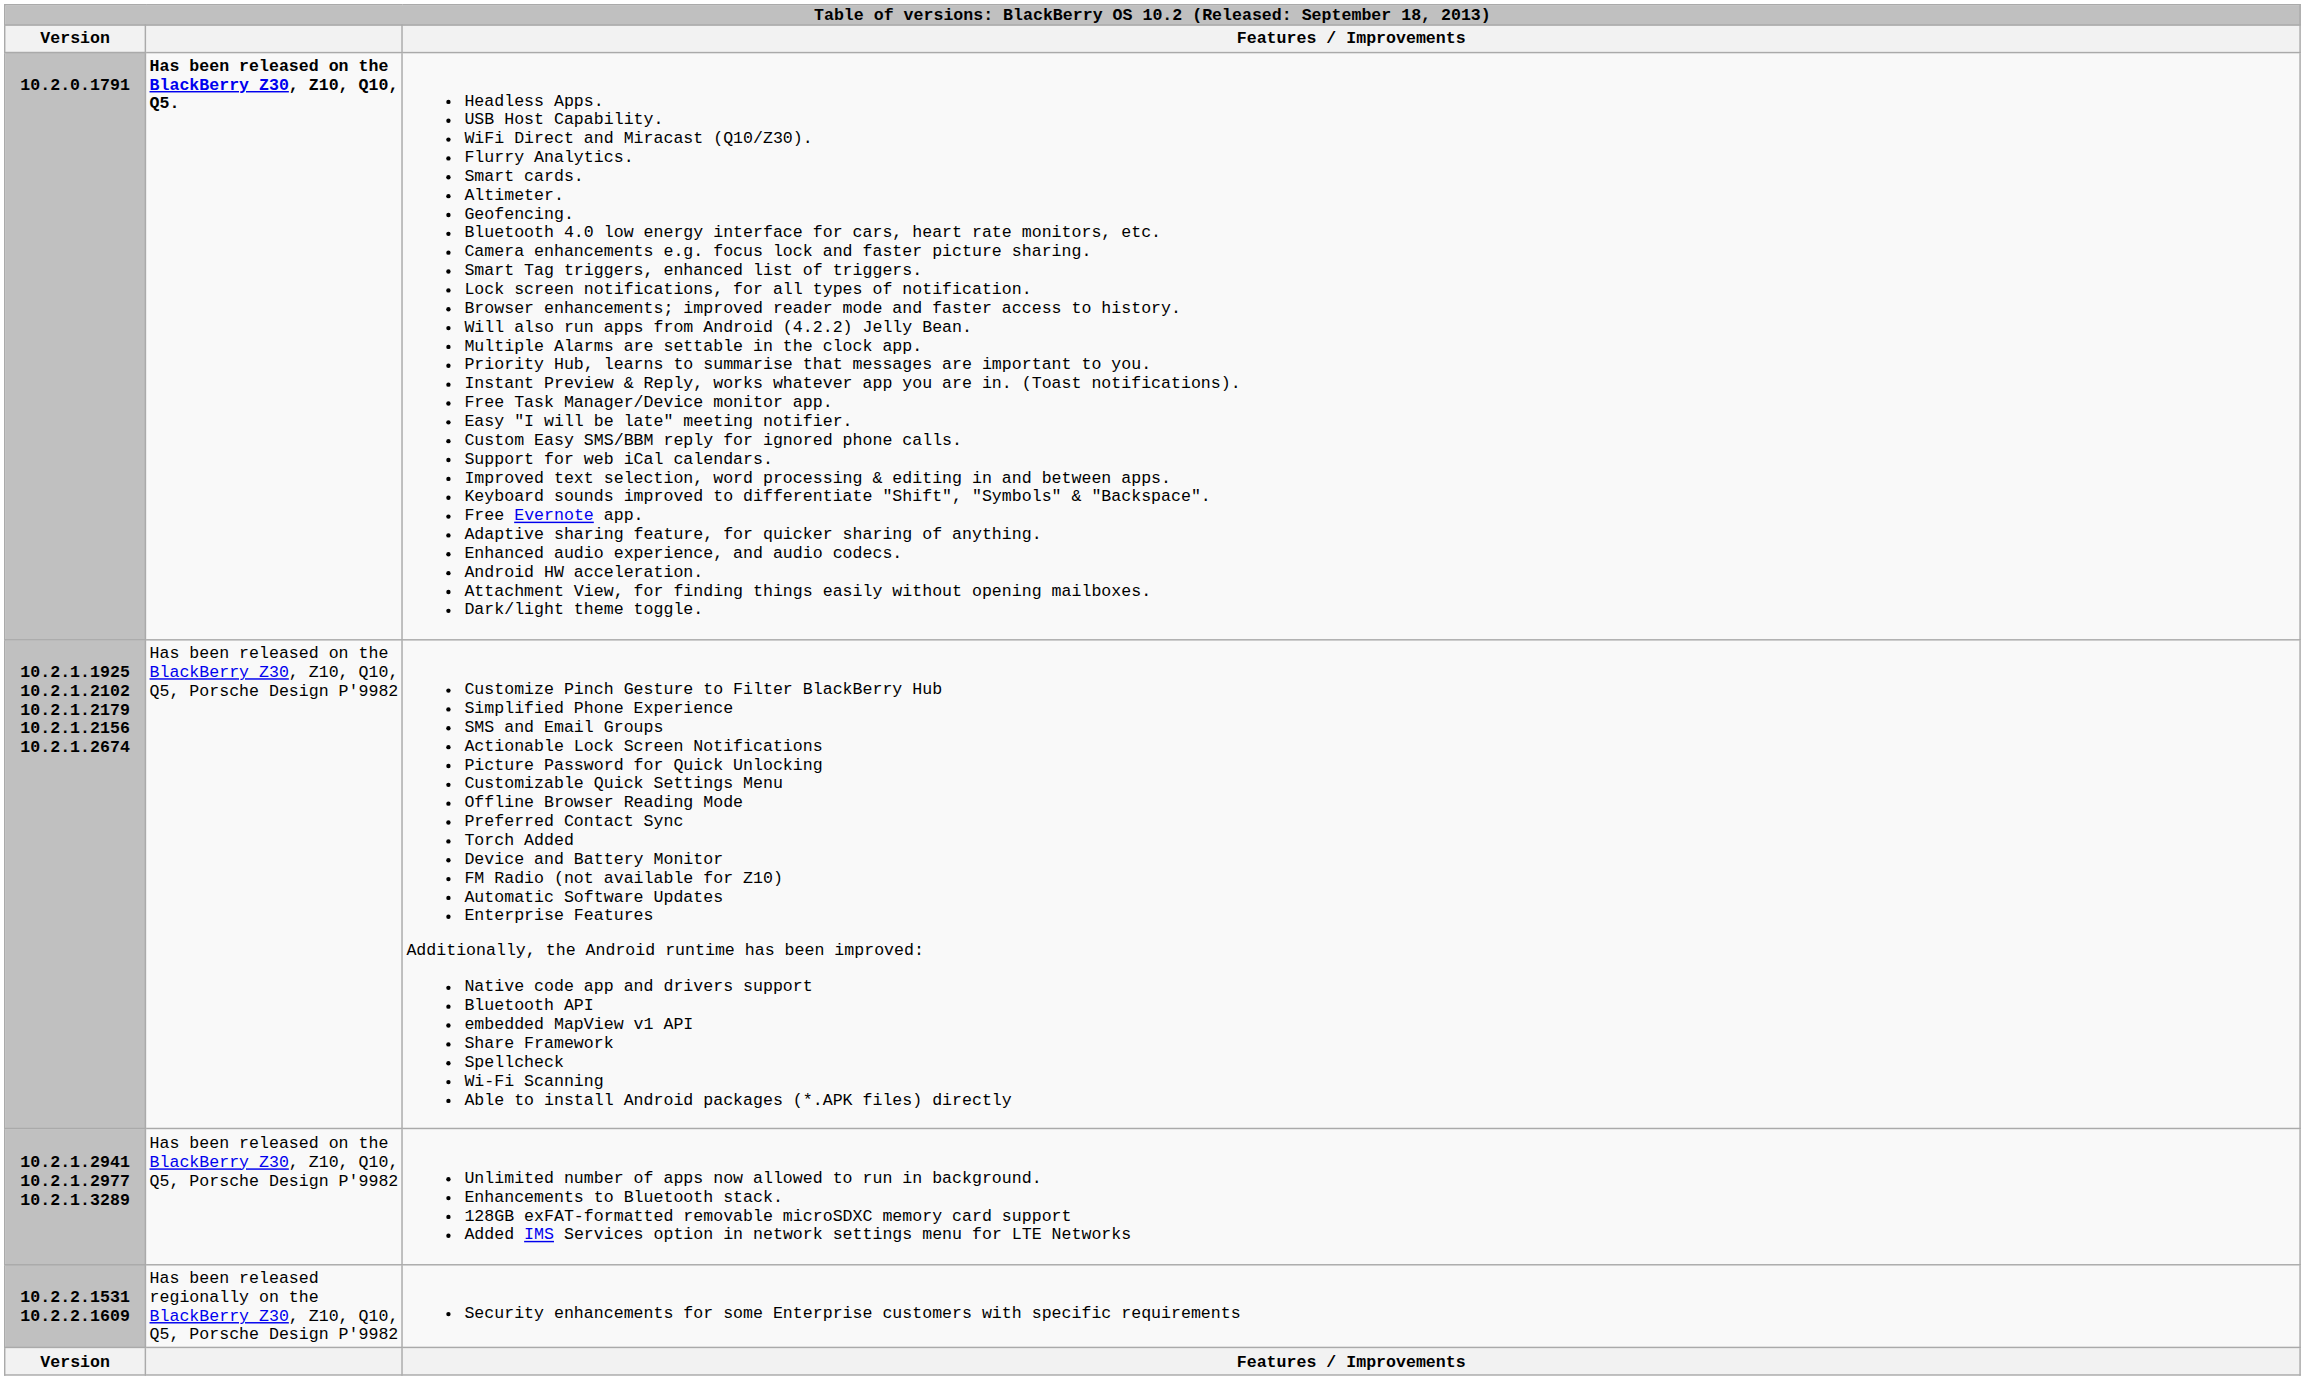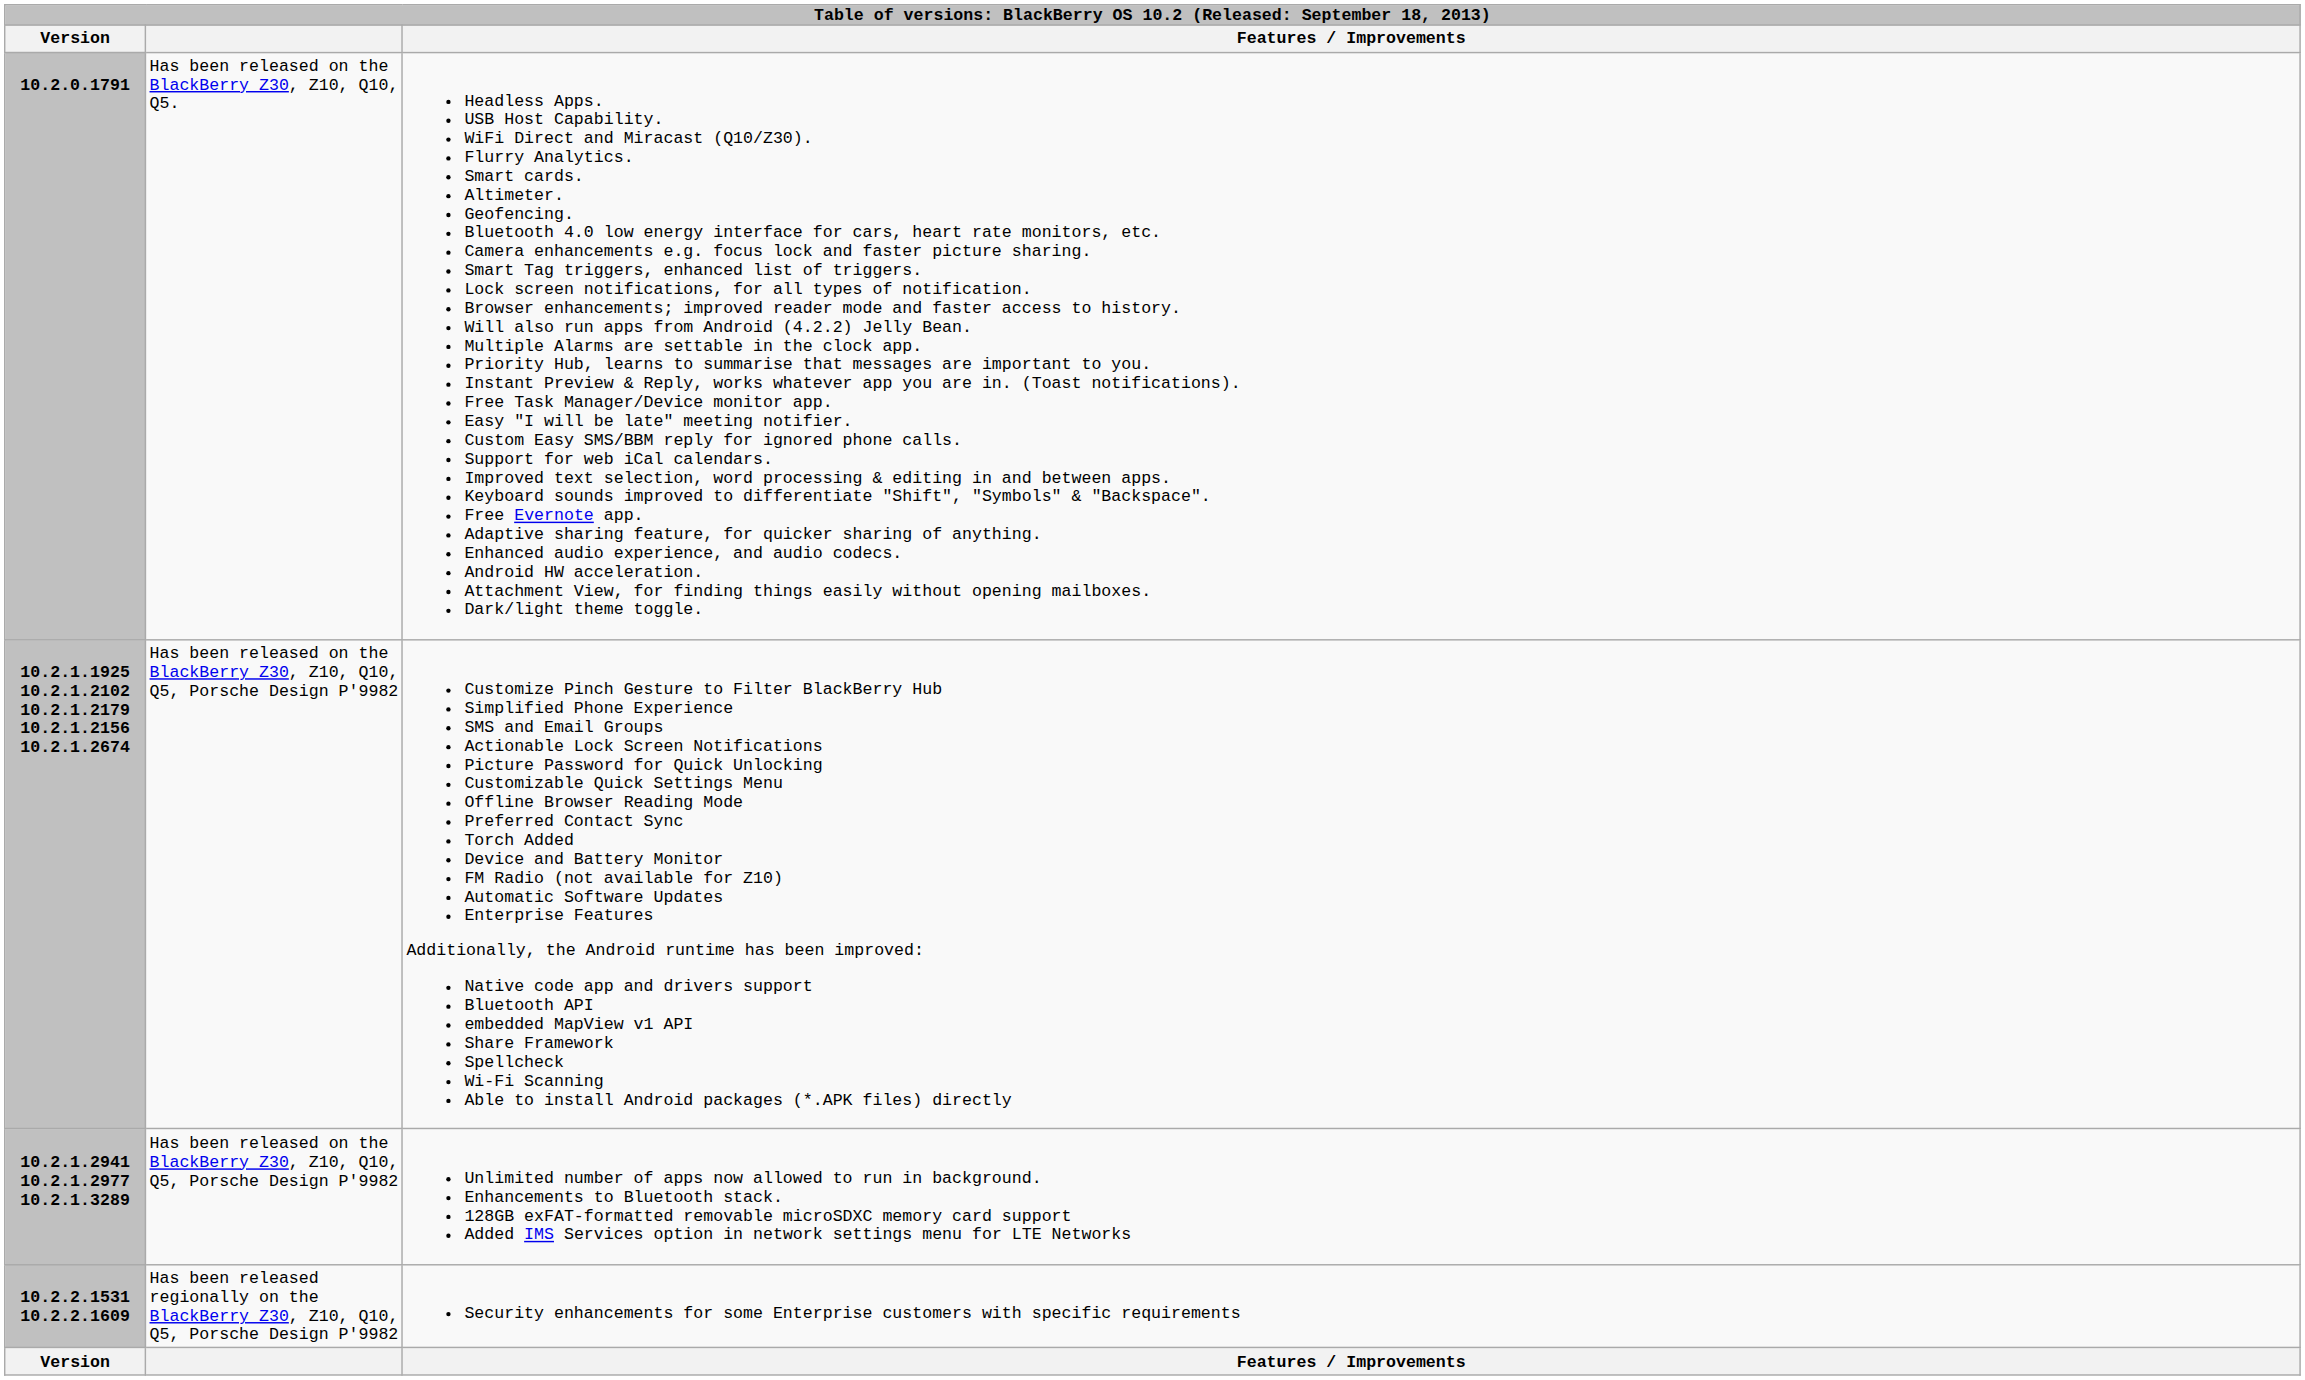 <table class="wikitable collapsible collapsed" style="width:100%; font-size:88%;">
 <tr>
 <th style="background:silver; padding:0 0.5em;" colspan="5">Table of versions: BlackBerry OS 10.2 (Released: September 18, 2013)</th>
 </tr>
 <tr>
 <th style="width:8em; ">Version</th>
 <th style="width:15em; "></th>
 <th>Features / Improvements</th>
 </tr>
 <tr valign="top">
 <th style="background:silver; white-space:nowrap;"><br>10.2.0.1791</th>
-<td><strong>Has been released on the <a href='#'>BlackBerry Z30</a>, Z10, Q10, Q5.</strong></td>
+<td>Has been released on the <a href='#'>BlackBerry Z30</a>, Z10, Q10, Q5.</td>
 <td><br><ul><li>Headless Apps.</li><li>USB Host Capability.</li><li>WiFi Direct and Miracast (Q10/Z30).</li><li>Flurry Analytics.</li><li>Smart cards.</li><li>Altimeter.</li><li>Geofencing.</li><li>Bluetooth 4.0 low energy interface for cars, heart rate monitors, etc.</li><li>Camera enhancements e.g. focus lock and faster picture sharing.</li><li>Smart Tag triggers, enhanced list of triggers.</li><li>Lock screen notifications, for all types of notification.</li><li>Browser enhancements; improved reader mode and faster access to history.</li><li>Will also run apps from Android (4.2.2) Jelly Bean.</li><li>Multiple Alarms are settable in the clock app.</li><li>Priority Hub, learns to summarise that messages are important to you.</li><li>Instant Preview & Reply, works whatever app you are in. (Toast notifications).</li><li>Free Task Manager/Device monitor app.</li><li>Easy "I will be late" meeting notifier.</li><li>Custom Easy SMS/BBM reply for ignored phone calls.</li><li>Support for web iCal calendars.</li><li>Improved text selection, word processing & editing in and between apps.</li><li>Keyboard sounds improved to differentiate "Shift", "Symbols" & "Backspace".</li><li>Free <a href='#'>Evernote</a> app.</li><li>Adaptive sharing feature, for quicker sharing of anything.</li><li>Enhanced audio experience, and audio codecs.</li><li>Android HW acceleration.</li><li>Attachment View, for finding things easily without opening mailboxes.</li><li>Dark/light theme toggle.</li></ul></td>
 </tr>
 <tr valign="top">
 <th style="background:silver; white-space:nowrap;"><br>10.2.1.1925<br> 10.2.1.2102<br> 10.2.1.2179<br> 10.2.1.2156<br> 10.2.1.2674<br></th>
 <td>Has been released on the <a href='#'>BlackBerry Z30</a>, Z10, Q10, Q5, Porsche Design P'9982</td>
 <td><br><ul><li>Customize Pinch Gesture to Filter BlackBerry Hub</li><li>Simplified Phone Experience</li><li>SMS and Email Groups</li><li>Actionable Lock Screen Notifications</li><li>Picture Password for Quick Unlocking</li><li>Customizable Quick Settings Menu</li><li>Offline Browser Reading Mode</li><li>Preferred Contact Sync</li><li>Torch Added</li><li>Device and Battery Monitor</li><li>FM Radio (not available for Z10)</li><li>Automatic Software Updates</li><li>Enterprise Features</li></ul>Additionally, the Android runtime has been improved:<ul><li>Native code app and drivers support</li><li>Bluetooth API</li><li>embedded MapView v1 API</li><li>Share Framework</li><li>Spellcheck</li><li>Wi-Fi Scanning</li><li>Able to install Android packages (*.APK files) directly</li></ul></td>
 </tr>
 <tr valign="top">
 <th style="background:silver; white-space:nowrap;"><br>10.2.1.2941<br> 10.2.1.2977<br> 10.2.1.3289</th>
 <td>Has been released on the <a href='#'>BlackBerry Z30</a>, Z10, Q10, Q5, Porsche Design P'9982</td>
 <td><br><ul><li>Unlimited number of apps now allowed to run in background.</li><li>Enhancements to Bluetooth stack.</li><li>128GB exFAT-formatted removable microSDXC memory card support</li><li>Added <a href='#'>IMS</a> Services option in network settings menu for LTE Networks</li></ul></td>
 </tr>
 <tr valign="top">
 <th style="background:silver; white-space:nowrap;"><br>10.2.2.1531<br> 10.2.2.1609</th>
 <td>Has been released regionally on the <a href='#'>BlackBerry Z30</a>, Z10, Q10, Q5, Porsche Design P'9982</td>
 <td><br><ul><li>Security enhancements for some Enterprise customers with specific requirements</li></ul></td>
 </tr>
 <tr class="sortbottom">
 <th style="width:8em; ">Version</th>
 <th style="width:15em; "></th>
 <th>Features / Improvements</th>
 </tr>
 </table>
